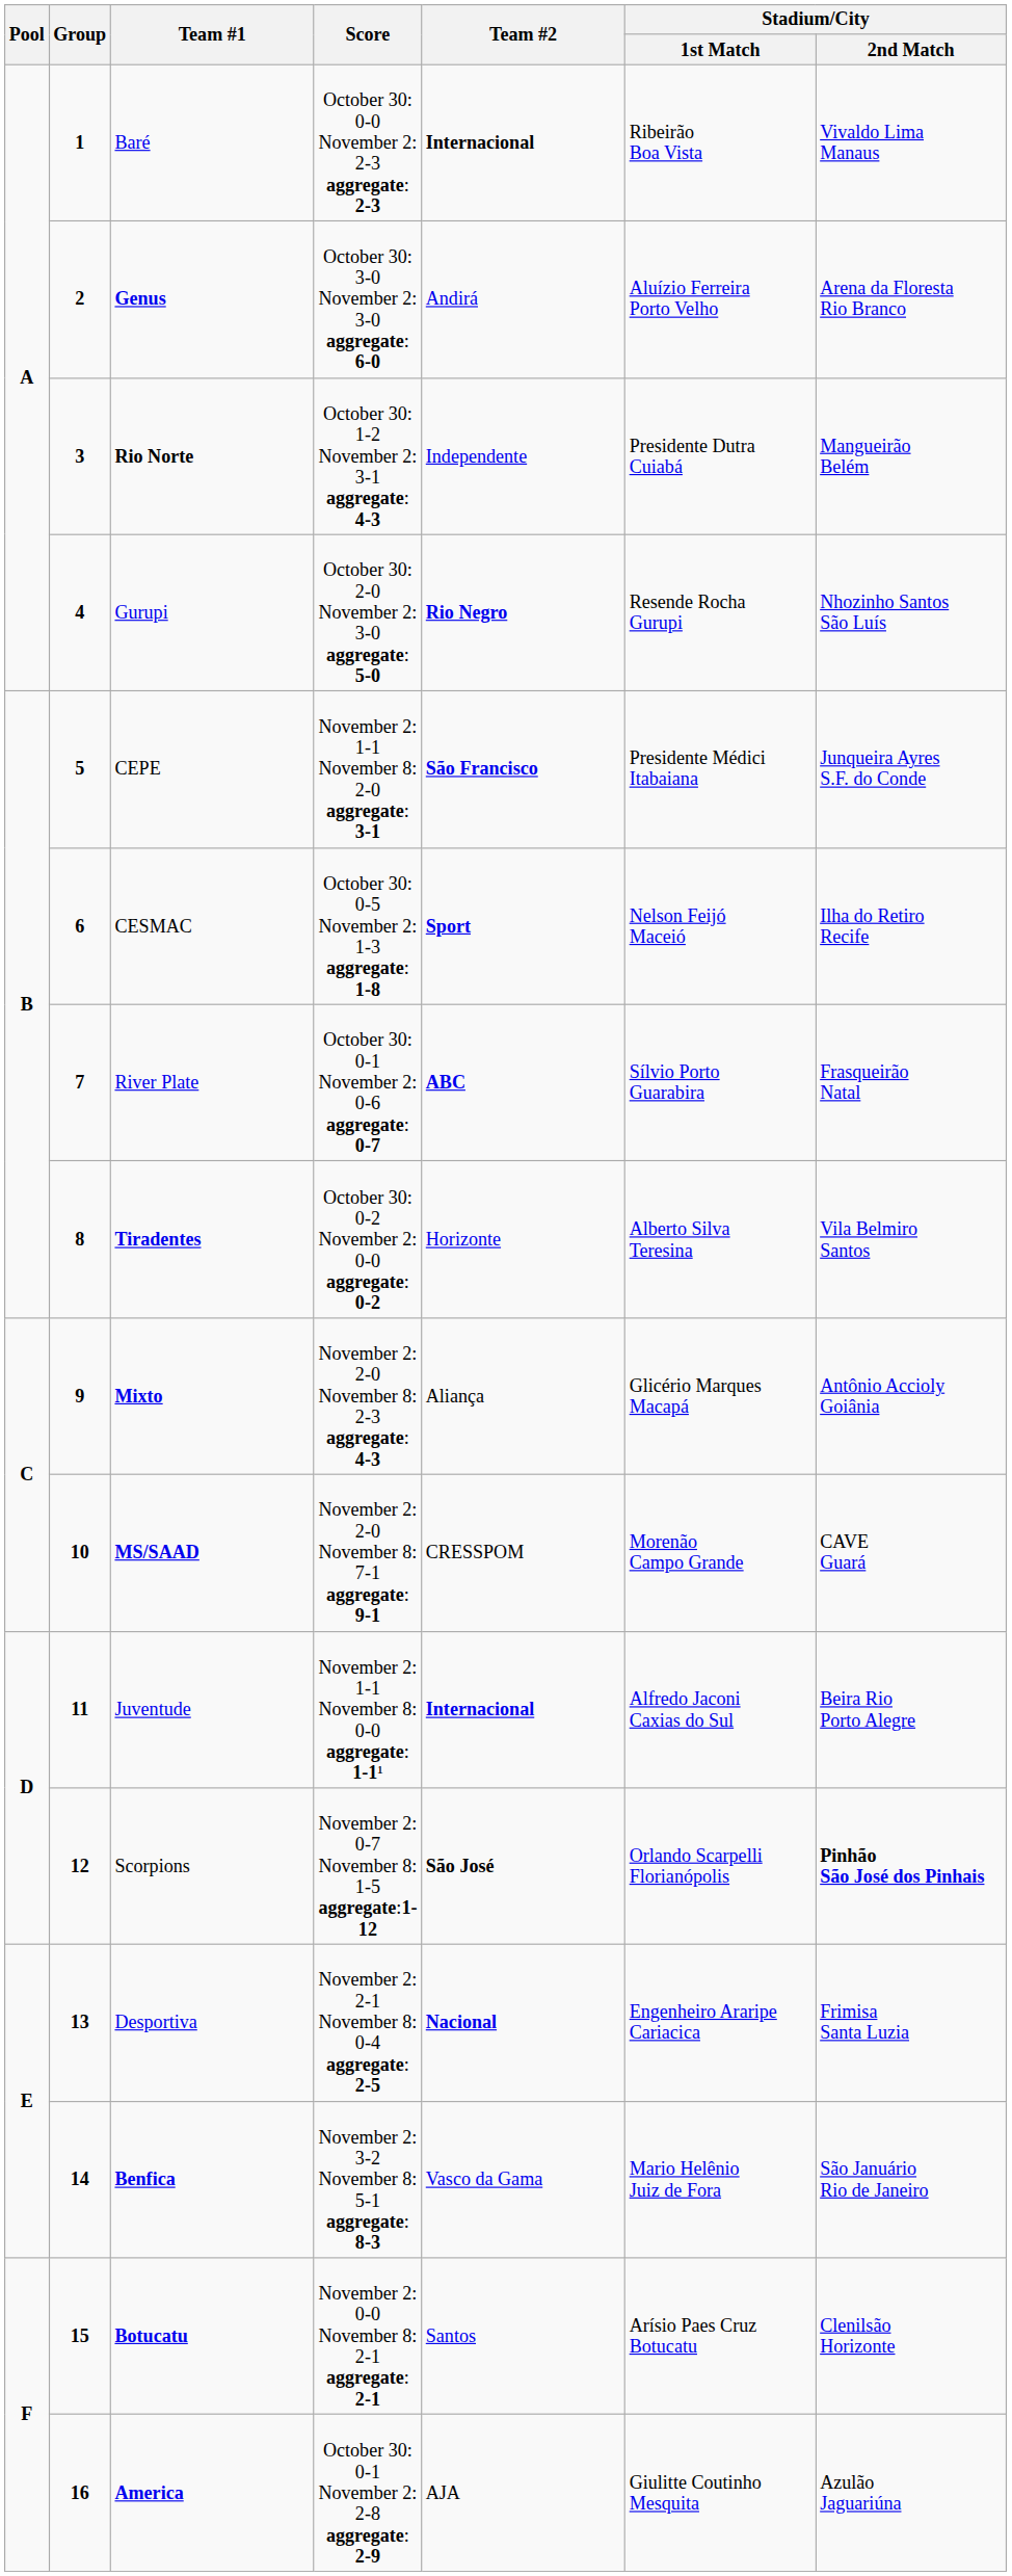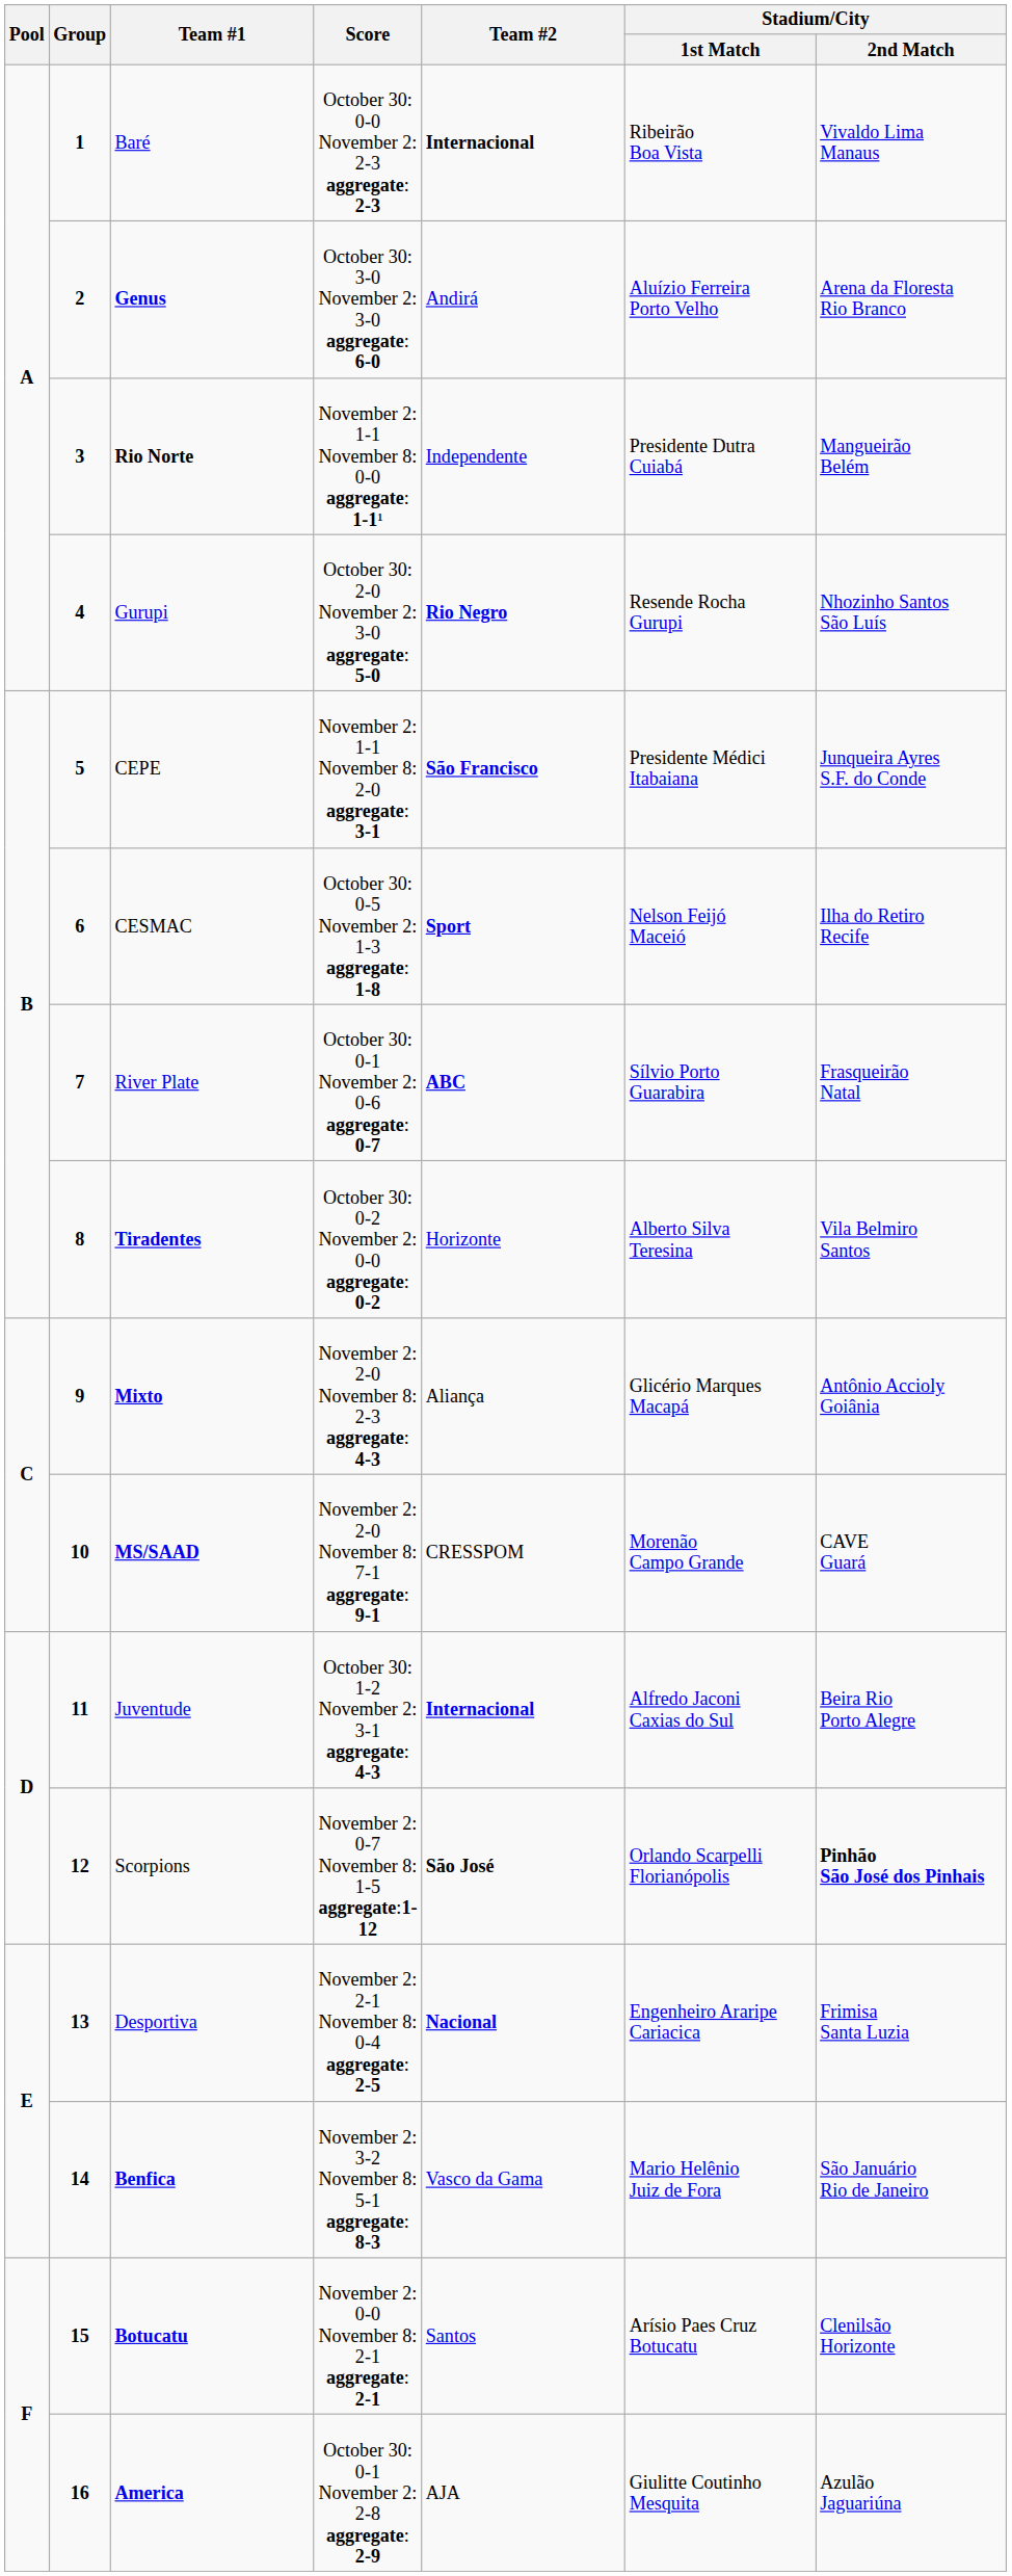 <table class="wikitable">
 <tr>
 <th width="20" rowspan=2>Pool</th>
 <th width="20" rowspan=2>Group</th>
 <th width="166" rowspan=2>Team #1</th>
 <th width="76" rowspan=2>Score</th>
 <th width="166" rowspan=2>Team #2</th>
 <th colspan=2>Stadium/City</th>
 </tr>
 <tr>
 <th width="155">1st Match</th>
 <th width="155">2nd Match</th>
 </tr>
 <tr>
 <td rowspan=4 style="text-align:center"><strong>A</strong></td>
 <td style="text-align:center"><strong>1</strong></td>
 <td> <a href='#'>Baré</a></td>
 <td style="text-align:center"><br>October 30: 0-0<br> November 2: 2-3<br> <strong>aggregate</strong>: <strong>2-3</strong></td>
 <td> <strong>Internacional</strong></td>
 <td>Ribeirão <br> <a href='#'>Boa Vista</a></td>
 <td><a href='#'>Vivaldo Lima</a> <br>  <a href='#'>Manaus</a></td>
 </tr>
 <tr>
 <td style="text-align:center"><strong>2</strong></td>
 <td> <strong><a href='#'>Genus</a></strong></td>
 <td style="text-align:center"><br>October 30: 3-0<br> November 2: 3-0<br> <strong>aggregate</strong>: <strong>6-0</strong></td>
 <td> <a href='#'>Andirá</a></td>
 <td><a href='#'>Aluízio Ferreira</a> <br>  <a href='#'>Porto Velho</a></td>
 <td><a href='#'>Arena da Floresta</a> <br>  <a href='#'>Rio Branco</a></td>
 </tr>
 <tr>
 <td style="text-align:center"><strong>3</strong></td>
 <td> <strong>Rio Norte</strong></td>
-<td style="text-align:center"><br>October 30: 1-2<br> November 2: 3-1<br> <strong>aggregate</strong>: <strong>4-3</strong></td>
+<td style="text-align:center"><br>November 2: 1-1<br> November 8: 0-0<br> <strong>aggregate</strong>: <strong>1-1</strong>¹</td>
 <td> <a href='#'>Independente</a></td>
 <td>Presidente Dutra <br>  <a href='#'>Cuiabá</a></td>
 <td><a href='#'>Mangueirão</a> <br>  <a href='#'>Belém</a></td>
 </tr>
 <tr>
 <td style="text-align:center"><strong>4</strong></td>
 <td> <a href='#'>Gurupi</a></td>
 <td style="text-align:center"><br>October 30: 2-0<br> November 2: 3-0<br> <strong>aggregate</strong>: <strong>5-0</strong></td>
 <td> <strong><a href='#'>Rio Negro</a></strong></td>
 <td>Resende Rocha <br>  <a href='#'>Gurupi</a></td>
 <td><a href='#'>Nhozinho Santos</a> <br>  <a href='#'>São Luís</a></td>
 </tr>
 <tr>
 <td rowspan=4 style="text-align:center"><strong>B</strong></td>
 <td style="text-align:center"><strong>5</strong></td>
 <td> CEPE</td>
 <td style="text-align:center"><br>November 2: 1-1<br> November 8: 2-0<br> <strong>aggregate</strong>: <strong>3-1</strong></td>
 <td> <strong><a href='#'>São Francisco</a></strong></td>
 <td>Presidente Médici <br>  <a href='#'>Itabaiana</a></td>
 <td><a href='#'>Junqueira Ayres</a> <br>  <a href='#'>S.F. do Conde</a></td>
 </tr>
 <tr>
 <td style="text-align:center"><strong>6</strong></td>
 <td> CESMAC</td>
 <td style="text-align:center"><br>October 30: 0-5<br> November 2: 1-3<br> <strong>aggregate</strong>: <strong>1-8</strong></td>
 <td><strong> <a href='#'>Sport</a></strong></td>
 <td><a href='#'>Nelson Feijó</a> <br>  <a href='#'>Maceió</a></td>
 <td><a href='#'>Ilha do Retiro</a> <br>  <a href='#'>Recife</a></td>
 </tr>
 <tr>
 <td style="text-align:center"><strong>7</strong></td>
 <td> <a href='#'>River Plate</a></td>
 <td style="text-align:center"><br>October 30: 0-1<br> November 2: 0-6<br> <strong>aggregate</strong>: <strong>0-7</strong></td>
 <td> <strong><a href='#'>ABC</a></strong></td>
 <td><a href='#'>Sílvio Porto</a> <br>  <a href='#'>Guarabira</a></td>
 <td><a href='#'>Frasqueirão</a> <br>  <a href='#'>Natal</a></td>
 </tr>
 <tr>
 <td style="text-align:center"><strong>8</strong></td>
 <td> <strong><a href='#'>Tiradentes</a></strong></td>
 <td style="text-align:center"><br>October 30: 0-2<br> November 2: 0-0<br> <strong>aggregate</strong>: <strong>0-2</strong></td>
 <td> <a href='#'>Horizonte</a></td>
 <td><a href='#'>Alberto Silva</a> <br>  <a href='#'>Teresina</a></td>
 <td><a href='#'>Vila Belmiro</a> <br>  <a href='#'>Santos</a></td>
 </tr>
 <tr>
 <td rowspan=2 style="text-align:center"><strong>C</strong></td>
 <td style="text-align:center"><strong>9</strong></td>
 <td> <strong><a href='#'>Mixto</a></strong></td>
 <td style="text-align:center"><br>November 2: 2-0<br> November 8: 2-3<br> <strong>aggregate</strong>: <strong>4-3</strong></td>
 <td> Aliança</td>
 <td>Glicério Marques <br>  <a href='#'>Macapá</a></td>
 <td><a href='#'>Antônio Accioly</a> <br>  <a href='#'>Goiânia</a></td>
 </tr>
 <tr>
 <td style="text-align:center"><strong>10</strong></td>
 <td> <strong><a href='#'>MS/SAAD</a></strong></td>
 <td style="text-align:center"><br>November 2: 2-0<br> November 8: 7-1<br> <strong>aggregate</strong>: <strong>9-1</strong></td>
 <td> CRESSPOM</td>
 <td><a href='#'>Morenão</a> <br>  <a href='#'>Campo Grande</a></td>
 <td>CAVE <br>  <a href='#'>Guará</a></td>
 </tr>
 <tr>
 <td rowspan=2 style="text-align:center"><strong>D</strong></td>
 <td style="text-align:center"><strong>11</strong></td>
 <td> <a href='#'>Juventude</a></td>
-<td style="text-align:center"><br>November 2: 1-1<br> November 8: 0-0<br> <strong>aggregate</strong>: <strong>1-1</strong>¹</td>
+<td style="text-align:center"><br>October 30: 1-2<br> November 2: 3-1<br> <strong>aggregate</strong>: <strong>4-3</strong></td>
 <td> <strong><a href='#'>Internacional</a></strong></td>
 <td><a href='#'>Alfredo Jaconi</a> <br>  <a href='#'>Caxias do Sul</a></td>
 <td><a href='#'>Beira Rio</a> <br>  <a href='#'>Porto Alegre</a></td>
 </tr>
 <tr>
 <td style="text-align:center"><strong>12</strong></td>
 <td> Scorpions</td>
 <td style="text-align:center"><br>November 2: 0-7<br> November 8: 1-5<br> <strong>aggregate</strong>:<strong>1-12</strong></td>
 <td> <strong>São José</strong></td>
 <td><a href='#'>Orlando Scarpelli</a> <br>  <a href='#'>Florianópolis</a></td>
 <td><strong>Pinhão <br>  <a href='#'>São José dos Pinhais</a></strong></td>
 </tr>
 <tr>
 <td rowspan=2 style="text-align:center"><strong>E</strong></td>
 <td style="text-align:center"><strong>13</strong></td>
 <td> <a href='#'>Desportiva</a></td>
 <td style="text-align:center"><br>November 2: 2-1<br> November 8: 0-4<br> <strong>aggregate</strong>: <strong>2-5</strong></td>
 <td> <strong><a href='#'>Nacional</a></strong></td>
 <td><a href='#'>Engenheiro Araripe</a> <br>  <a href='#'>Cariacica</a></td>
 <td><a href='#'>Frimisa</a> <br>  <a href='#'>Santa Luzia</a></td>
 </tr>
 <tr>
 <td style="text-align:center"><strong>14</strong></td>
 <td> <strong><a href='#'>Benfica</a></strong></td>
 <td style="text-align:center"><br>November 2: 3-2<br> November 8: 5-1<br> <strong>aggregate</strong>: <strong>8-3</strong></td>
 <td> <a href='#'>Vasco da Gama</a></td>
 <td><a href='#'>Mario Helênio</a> <br>  <a href='#'>Juiz de Fora</a></td>
 <td><a href='#'>São Januário</a> <br>  <a href='#'>Rio de Janeiro</a></td>
 </tr>
 <tr>
 <td rowspan=2 style="text-align:center"><strong>F</strong></td>
 <td style="text-align:center"><strong>15</strong></td>
 <td> <strong><a href='#'>Botucatu</a></strong></td>
 <td style="text-align:center"><br>November 2: 0-0<br> November 8: 2-1<br> <strong>aggregate</strong>: <strong>2-1</strong></td>
 <td> <a href='#'>Santos</a></td>
 <td>Arísio Paes Cruz <br>  <a href='#'>Botucatu</a></td>
 <td><a href='#'>Clenilsão</a> <br>  <a href='#'>Horizonte</a></td>
 </tr>
 <tr>
 <td style="text-align:center"><strong>16</strong></td>
 <td> <strong><a href='#'>America</a></strong></td>
 <td style="text-align:center"><br>October 30: 0-1<br> November 2: 2-8<br> <strong>aggregate</strong>: <strong>2-9</strong></td>
 <td> AJA</td>
 <td>Giulitte Coutinho <br>  <a href='#'>Mesquita</a></td>
 <td>Azulão <br>  <a href='#'>Jaguariúna</a></td>
 </tr>
 </table>
